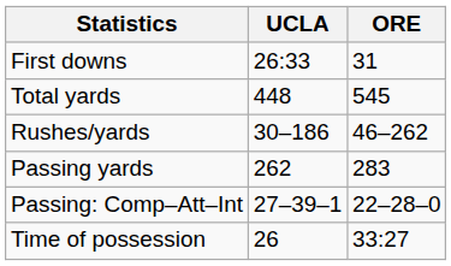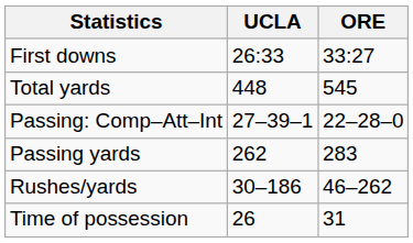 <table class="wikitable" style="float: left;">
 <tr>
 <th>Statistics</th>
 <th>UCLA</th>
 <th>ORE</th>
 </tr>
 <tr>
 <td>First downs</td>
 <td>26:33</td>
-<td>31</td>
+<td>33:27</td>
 </tr>
 <tr>
 <td>Total yards</td>
 <td>448</td>
 <td>545</td>
 </tr>
 <tr>
-<td>Rushes/yards</td>
-<td>30–186</td>
-<td>46–262</td>
+<td>Passing: Comp–Att–Int</td>
+<td>27–39–1</td>
+<td>22–28–0</td>
 </tr>
 <tr>
 <td>Passing yards</td>
 <td>262</td>
 <td>283</td>
 </tr>
 <tr>
-<td>Passing: Comp–Att–Int</td>
-<td>27–39–1</td>
-<td>22–28–0</td>
+<td>Rushes/yards</td>
+<td>30–186</td>
+<td>46–262</td>
 </tr>
 <tr>
 <td>Time of possession</td>
 <td>26</td>
-<td>33:27</td>
+<td>31</td>
 </tr>
 </table>
